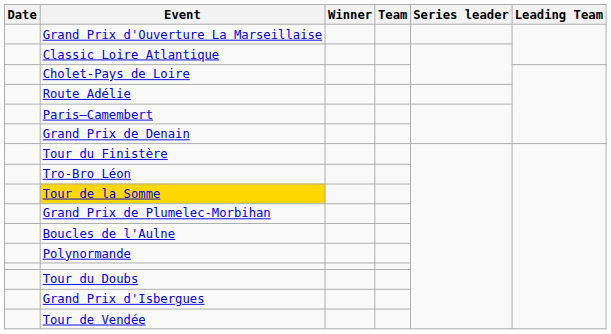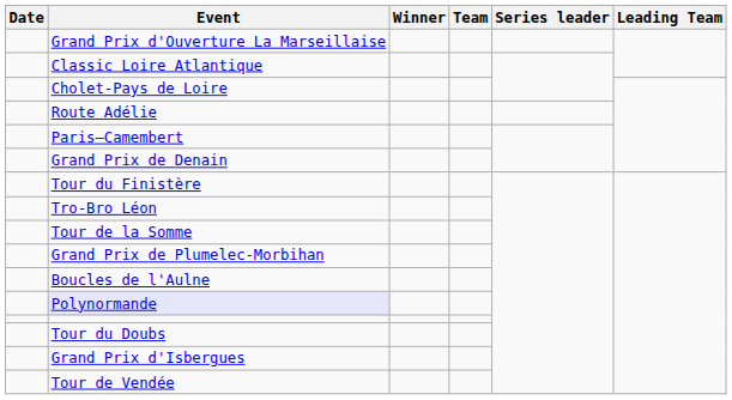 <table class="wikitable sortable">
 <tr>
 <th>Date</th>
 <th>Event</th>
 <th>Winner</th>
 <th>Team</th>
 <th class="unsortable">Series leader</th>
 <th class="unsortable">Leading Team</th>
 </tr>
 <tr>
 <td></td>
 <td><a href='#'>Grand Prix d'Ouverture La Marseillaise</a></td>
 <td></td>
 <td></td>
 <td></td>
 <td rowspan=2></td>
 </tr>
 <tr>
 <td></td>
 <td><a href='#'>Classic Loire Atlantique</a></td>
 <td></td>
 <td></td>
 <td rowspan=2></td>
 </tr>
 <tr>
 <td></td>
 <td><a href='#'>Cholet-Pays de Loire</a></td>
 <td></td>
 <td></td>
 <td rowspan=4></td>
 </tr>
 <tr>
 <td></td>
 <td><a href='#'>Route Adélie</a></td>
 <td></td>
 <td></td>
 <td></td>
 </tr>
 <tr>
 <td></td>
 <td><a href='#'>Paris–Camembert</a></td>
 <td></td>
 <td></td>
 <td rowspan=2></td>
 </tr>
 <tr>
 <td></td>
 <td><a href='#'>Grand Prix de Denain</a></td>
 <td></td>
 <td></td>
 </tr>
 <tr>
 <td></td>
 <td><a href='#'>Tour du Finistère</a></td>
 <td></td>
 <td></td>
 <td rowspan=10></td>
 <td rowspan=10></td>
 </tr>
 <tr>
 <td></td>
 <td><a href='#'>Tro-Bro Léon</a></td>
 <td></td>
 <td></td>
 </tr>
 <tr>
 <td></td>
-<td style="background: gold;"><a href='#'>Tour de la Somme</a></td>
+<td><a href='#'>Tour de la Somme</a></td>
 <td></td>
 <td></td>
 </tr>
 <tr>
 <td></td>
 <td><a href='#'>Grand Prix de Plumelec-Morbihan</a></td>
 <td></td>
 <td></td>
 </tr>
 <tr>
 <td></td>
 <td><a href='#'>Boucles de l'Aulne</a></td>
 <td></td>
 <td></td>
 </tr>
 <tr>
 <td></td>
-<td><a href='#'>Polynormande</a></td>
+<td style="background: lavender;"><a href='#'>Polynormande</a></td>
 <td></td>
 <td></td>
 </tr>
 <tr>
 <td></td>
 <td></td>
 <td></td>
 <td></td>
 </tr>
 <tr>
 <td></td>
 <td><a href='#'>Tour du Doubs</a></td>
 <td></td>
 <td></td>
 </tr>
 <tr>
 <td></td>
 <td><a href='#'>Grand Prix d'Isbergues</a></td>
 <td></td>
 <td></td>
 </tr>
 <tr>
 <td></td>
 <td><a href='#'>Tour de Vendée</a></td>
 <td></td>
 <td></td>
 </tr>
 </table>
